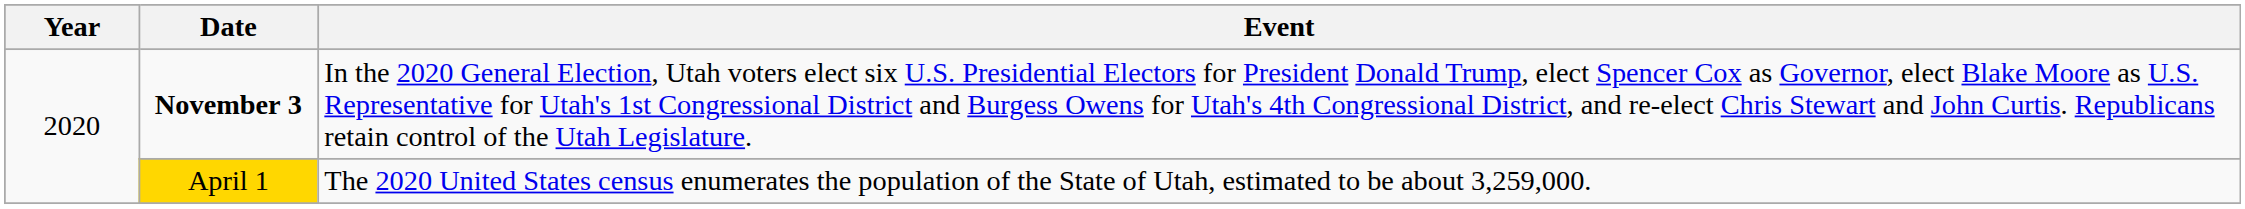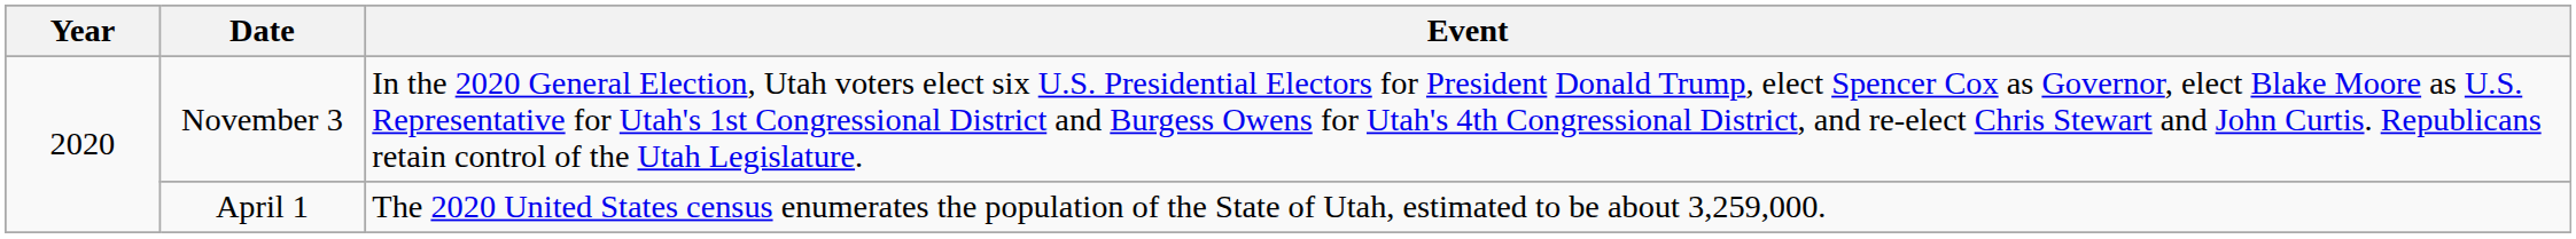 <table class="wikitable" style="width:100%;">
 <tr>
 <th style="width:6%">Year</th>
 <th style="width:8%">Date</th>
 <th style="width:86%">Event</th>
 </tr>
 <tr>
 <td align=center rowspan=2>2020</td>
-<td align=center><strong>November 3</strong></td>
+<td align=center>November 3</td>
 <td>In the <a href='#'>2020 General Election</a>, Utah voters elect six <a href='#'>U.S. Presidential Electors</a> for <a href='#'>President</a> <a href='#'>Donald Trump</a>, elect <a href='#'>Spencer Cox</a> as <a href='#'>Governor</a>, elect <a href='#'>Blake Moore</a> as <a href='#'>U.S. Representative</a> for <a href='#'>Utah's 1st Congressional District</a> and <a href='#'>Burgess Owens</a> for <a href='#'>Utah's 4th Congressional District</a>, and re-elect <a href='#'>Chris Stewart</a> and <a href='#'>John Curtis</a>. <a href='#'>Republicans</a> retain control of the <a href='#'>Utah Legislature</a>.</td>
 </tr>
 <tr>
-<td align=center style="background: gold;">April 1</td>
+<td align=center>April 1</td>
 <td>The <a href='#'>2020 United States census</a> enumerates the population of the State of Utah, estimated to be about 3,259,000.</td>
 </tr>
 </table>
